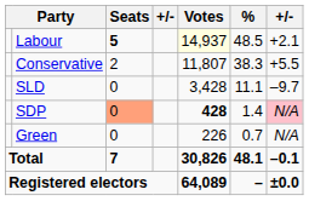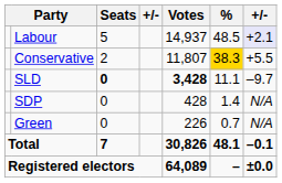 <table class="wikitable sortable">
 <tr>
 <th colspan="2">Party</th>
 <th>Seats</th>
 <th>+/-</th>
 <th>Votes</th>
 <th>%</th>
 <th>+/-</th>
 </tr>
 <tr>
 <td style="background-color: "></td>
 <td><a href='#'>Labour</a></td>
-<td><strong>5</strong></td>
+<td>5</td>
 <td></td>
-<td style="background: lightyellow; text-align:right;">14,937</td>
+<td style="text-align:right;">14,937</td>
 <td style="text-align:right;">48.5</td>
-<td style="text-align:right;">+2.1</td>
+<td style="background: lavender; text-align:right;">+2.1</td>
 </tr>
 <tr>
 <td style="background-color: "></td>
 <td><a href='#'>Conservative</a></td>
 <td>2</td>
 <td></td>
 <td style="text-align:right;">11,807</td>
-<td style="text-align:right;">38.3</td>
+<td style="background: gold; text-align:right;">38.3</td>
 <td style="text-align:right;">+5.5</td>
 </tr>
 <tr>
 <td style="background-color: "></td>
 <td><a href='#'>SLD</a></td>
-<td>0</td>
+<td><strong>0</strong></td>
 <td></td>
-<td style="text-align:right;">3,428</td>
+<td style="text-align:right;"><strong>3,428</strong></td>
 <td style="text-align:right;">11.1</td>
 <td style="text-align:right;">–9.7</td>
 </tr>
 <tr>
 <td style="background-color: "></td>
 <td><a href='#'>SDP</a></td>
-<td style="background: lightsalmon;">0</td>
+<td>0</td>
 <td></td>
-<td style="text-align:right;"><strong>428</strong></td>
+<td style="text-align:right;">428</td>
 <td style="text-align:right;">1.4</td>
-<td style="background: pink; text-align:right;"><em>N/A</em></td>
+<td style="text-align:right;"><em>N/A</em></td>
 </tr>
 <tr>
 <td style="background-color: "></td>
 <td><a href='#'>Green</a></td>
 <td>0</td>
 <td></td>
 <td style="text-align:right;">226</td>
 <td style="text-align:right;">0.7</td>
 <td style="text-align:right;"><em>N/A</em></td>
 </tr>
 <tr>
 <td colspan="2"><strong>Total</strong></td>
 <td><strong>7</strong></td>
 <td></td>
 <td style="text-align:right;"><strong>30,826</strong></td>
 <td style="text-align:right;"><strong>48.1</strong></td>
 <td style="text-align:right;"><strong>–0.1</strong></td>
 </tr>
 <tr>
 <td colspan="4"><strong>Registered electors</strong></td>
 <td style="text-align:right;"><strong>64,089</strong></td>
 <td style="text-align:right;"><strong>–</strong></td>
 <td style="text-align:right;"><strong>±0.0</strong></td>
 </tr>
 </table>
